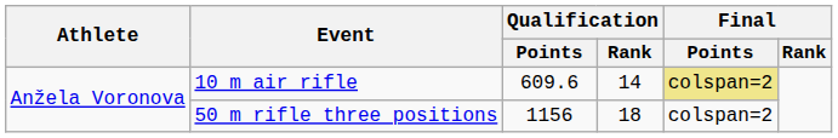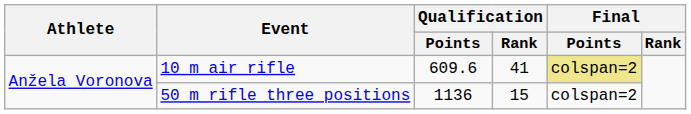 <table class="wikitable" style="font-size:90%">
 <tr>
 <th rowspan="2">Athlete</th>
 <th rowspan="2">Event</th>
 <th colspan=2>Qualification</th>
 <th colspan=2>Final</th>
 </tr>
 <tr style="font-size:95%">
 <th>Points</th>
 <th>Rank</th>
 <th>Points</th>
 <th>Rank</th>
 </tr>
 <tr align=center>
 <td align=left rowspan=2><a href='#'>Anžela Voronova</a></td>
 <td align=left><a href='#'>10 m air rifle</a></td>
 <td>609.6</td>
-<td>14</td>
+<td>41</td>
 <td style="background: khaki;">colspan=2 </td>
 </tr>
 <tr align=center>
 <td align=left><a href='#'>50 m rifle three positions</a></td>
-<td>1156</td>
-<td>18</td>
+<td>1136</td>
+<td>15</td>
 <td>colspan=2 </td>
 </tr>
 </table>
